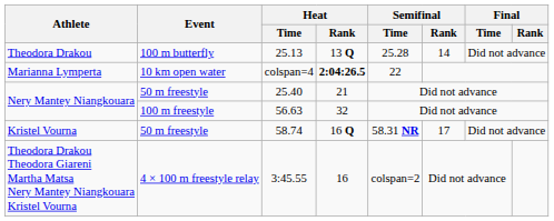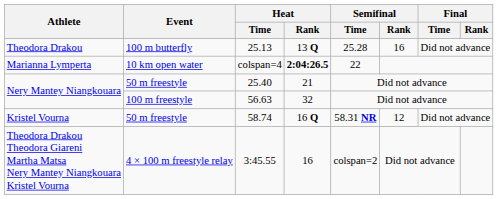 <table class=wikitable style="font-size:90%">
 <tr>
 <th rowspan=2>Athlete</th>
 <th rowspan=2>Event</th>
 <th colspan="2">Heat</th>
 <th colspan="2">Semifinal</th>
 <th colspan="2">Final</th>
 </tr>
 <tr style="font-size:95%">
 <th>Time</th>
 <th>Rank</th>
 <th>Time</th>
 <th>Rank</th>
 <th>Time</th>
 <th>Rank</th>
 </tr>
 <tr align=center>
 <td align=left><a href='#'>Theodora Drakou</a></td>
 <td align=left><a href='#'>100 m butterfly</a></td>
 <td>25.13</td>
 <td>13 <strong>Q</strong></td>
 <td>25.28</td>
-<td>14</td>
+<td>16</td>
 <td colspan=2>Did not advance</td>
 </tr>
 <tr align=center>
 <td align=left><a href='#'>Marianna Lymperta</a></td>
 <td align=left><a href='#'>10 km open water</a></td>
 <td>colspan=4 </td>
 <td><strong>2:04:26.5</strong></td>
 <td>22</td>
 </tr>
 <tr align=center>
 <td align=left rowspan=2><a href='#'>Nery Mantey Niangkouara</a></td>
 <td align=left><a href='#'>50 m freestyle</a></td>
 <td>25.40</td>
 <td>21</td>
 <td colspan=4>Did not advance</td>
 </tr>
 <tr align=center>
 <td align=left><a href='#'>100 m freestyle</a></td>
 <td>56.63</td>
 <td>32</td>
 <td colspan=4>Did not advance</td>
 </tr>
 <tr align=center>
 <td align=left><a href='#'>Kristel Vourna</a></td>
 <td align=left><a href='#'>50 m freestyle</a></td>
 <td>58.74</td>
 <td>16 <strong>Q</strong></td>
 <td>58.31 <strong><a href='#'>NR</a></strong></td>
-<td>17</td>
+<td>12</td>
 <td colspan=2>Did not advance</td>
 </tr>
 <tr align=center>
 <td align=left><a href='#'>Theodora Drakou</a><br><a href='#'>Theodora Giareni</a><br><a href='#'>Martha Matsa</a><br><a href='#'>Nery Mantey Niangkouara</a><br><a href='#'>Kristel Vourna</a></td>
 <td align=left><a href='#'>4 × 100 m freestyle relay</a></td>
 <td>3:45.55</td>
 <td>16</td>
 <td>colspan=2 </td>
 <td colspan=2>Did not advance</td>
 </tr>
 </table>
